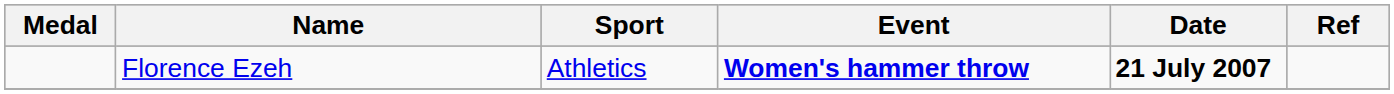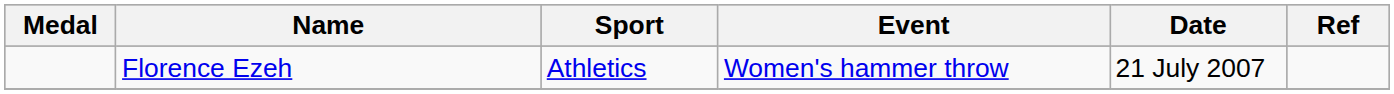 <table class="wikitable sortable" style="font-size:100%">
 <tr>
 <th width="60">Medal</th>
 <th width="250">Name</th>
 <th width="100">Sport</th>
 <th width="230">Event</th>
 <th width="100">Date</th>
 <th width="55">Ref</th>
 </tr>
 <tr>
 <td></td>
 <td><a href='#'>Florence Ezeh</a></td>
 <td><a href='#'>Athletics</a></td>
-<td><strong><a href='#'>Women's hammer throw</a></strong></td>
-<td><strong>21 July 2007</strong></td>
+<td><a href='#'>Women's hammer throw</a></td>
+<td>21 July 2007</td>
 <td></td>
 </tr>
 <tr>
 </tr>
 </table>
